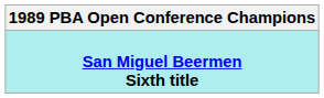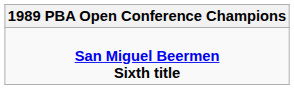 <table class=wikitable style="text-align:center; margin:auto">
 <tr>
 <th>1989 PBA Open Conference Champions</th>
 </tr>
 <tr>
-<td style="background: paleturquoise;"><br> <strong><a href='#'>San Miguel Beermen</a></strong> <br> <strong>Sixth title</strong></td>
+<td><br> <strong><a href='#'>San Miguel Beermen</a></strong> <br> <strong>Sixth title</strong></td>
 </tr>
 </table>
